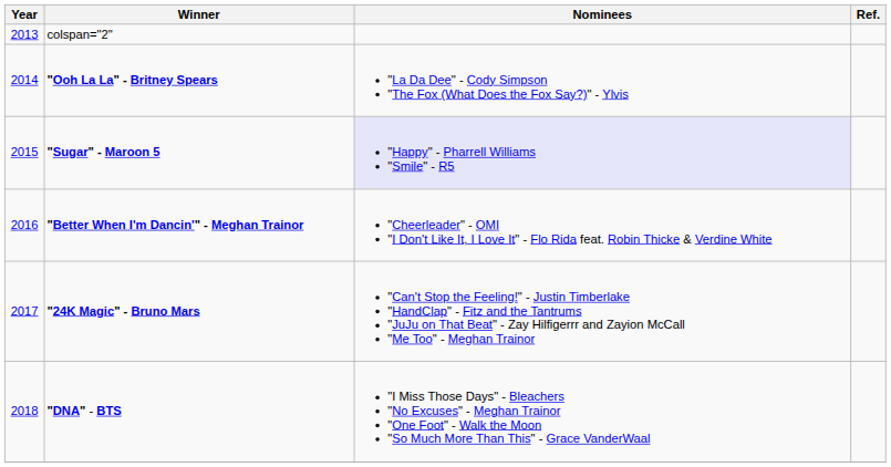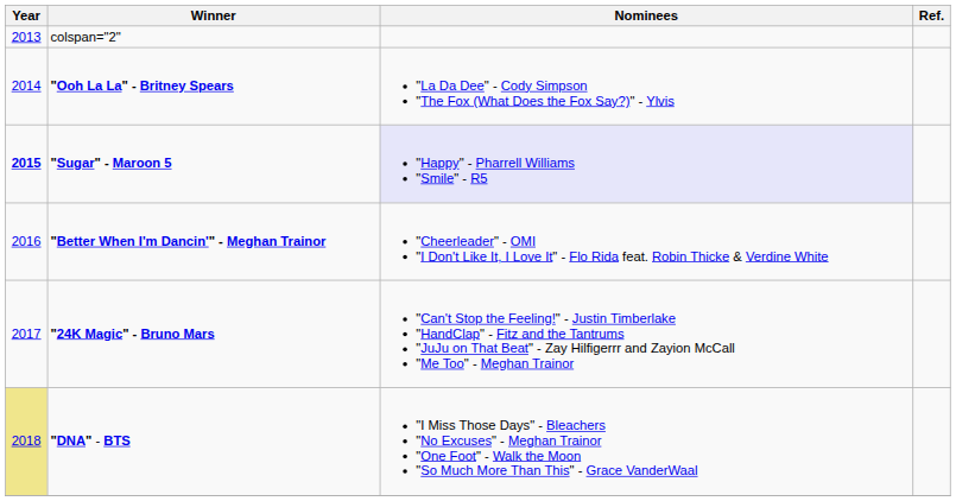 <table class="wikitable" width=90%>
 <tr>
 <th>Year</th>
 <th>Winner</th>
 <th>Nominees</th>
 <th>Ref.</th>
 </tr>
 <tr>
 <td align="center"><a href='#'>2013</a></td>
 <td>colspan="2" </td>
 <td align="center"></td>
 </tr>
 <tr>
 <td align="center"><a href='#'>2014</a></td>
 <td><strong>"<a href='#'>Ooh La La</a>" - <a href='#'>Britney Spears</a></strong></td>
 <td><br><ul><li>"<a href='#'>La Da Dee</a>" - <a href='#'>Cody Simpson</a></li><li>"<a href='#'>The Fox (What Does the Fox Say?)</a>" - <a href='#'>Ylvis</a></li></ul></td>
 <td align="center"></td>
 </tr>
 <tr>
-<td align="center"><a href='#'>2015</a></td>
+<td align="center"><strong><a href='#'>2015</a></strong></td>
 <td><strong>"<a href='#'>Sugar</a>" - <a href='#'>Maroon 5</a></strong></td>
 <td style="background: lavender;"><br><ul><li>"<a href='#'>Happy</a>" - <a href='#'>Pharrell Williams</a></li><li>"<a href='#'>Smile</a>" - <a href='#'>R5</a></li></ul></td>
 <td align="center"></td>
 </tr>
 <tr>
 <td align="center"><a href='#'>2016</a></td>
 <td><strong>"<a href='#'>Better When I'm Dancin'</a>" - <a href='#'>Meghan Trainor</a></strong></td>
 <td><br><ul><li>"<a href='#'>Cheerleader</a>" - <a href='#'>OMI</a></li><li>"<a href='#'>I Don't Like It, I Love It</a>" - <a href='#'>Flo Rida</a> feat. <a href='#'>Robin Thicke</a> & <a href='#'>Verdine White</a></li></ul></td>
 <td align="center"></td>
 </tr>
 <tr>
 <td align="center"><a href='#'>2017</a></td>
 <td><strong>"<a href='#'>24K Magic</a>" - <a href='#'>Bruno Mars</a></strong></td>
 <td><br><ul><li>"<a href='#'>Can't Stop the Feeling!</a>" - <a href='#'>Justin Timberlake</a></li><li>"<a href='#'>HandClap</a>" - <a href='#'>Fitz and the Tantrums</a></li><li>"<a href='#'>JuJu on That Beat</a>" - Zay Hilfigerrr and Zayion McCall</li><li>"<a href='#'>Me Too</a>" - <a href='#'>Meghan Trainor</a></li></ul></td>
 <td align="center"></td>
 </tr>
 <tr>
-<td align="center"><a href='#'>2018</a></td>
+<td align="center" style="background: khaki;"><a href='#'>2018</a></td>
 <td><strong>"<a href='#'>DNA</a>"</strong> - <strong><a href='#'>BTS</a></strong></td>
 <td><br><ul><li>"I Miss Those Days" - <a href='#'>Bleachers</a></li><li>"<a href='#'>No Excuses</a>" - <a href='#'>Meghan Trainor</a></li><li>"<a href='#'>One Foot</a>" - <a href='#'>Walk the Moon</a></li><li>"<a href='#'>So Much More Than This</a>" - <a href='#'>Grace VanderWaal</a></li></ul></td>
 <td align="center"></td>
 </tr>
 <tr>
 </tr>
 </table>
